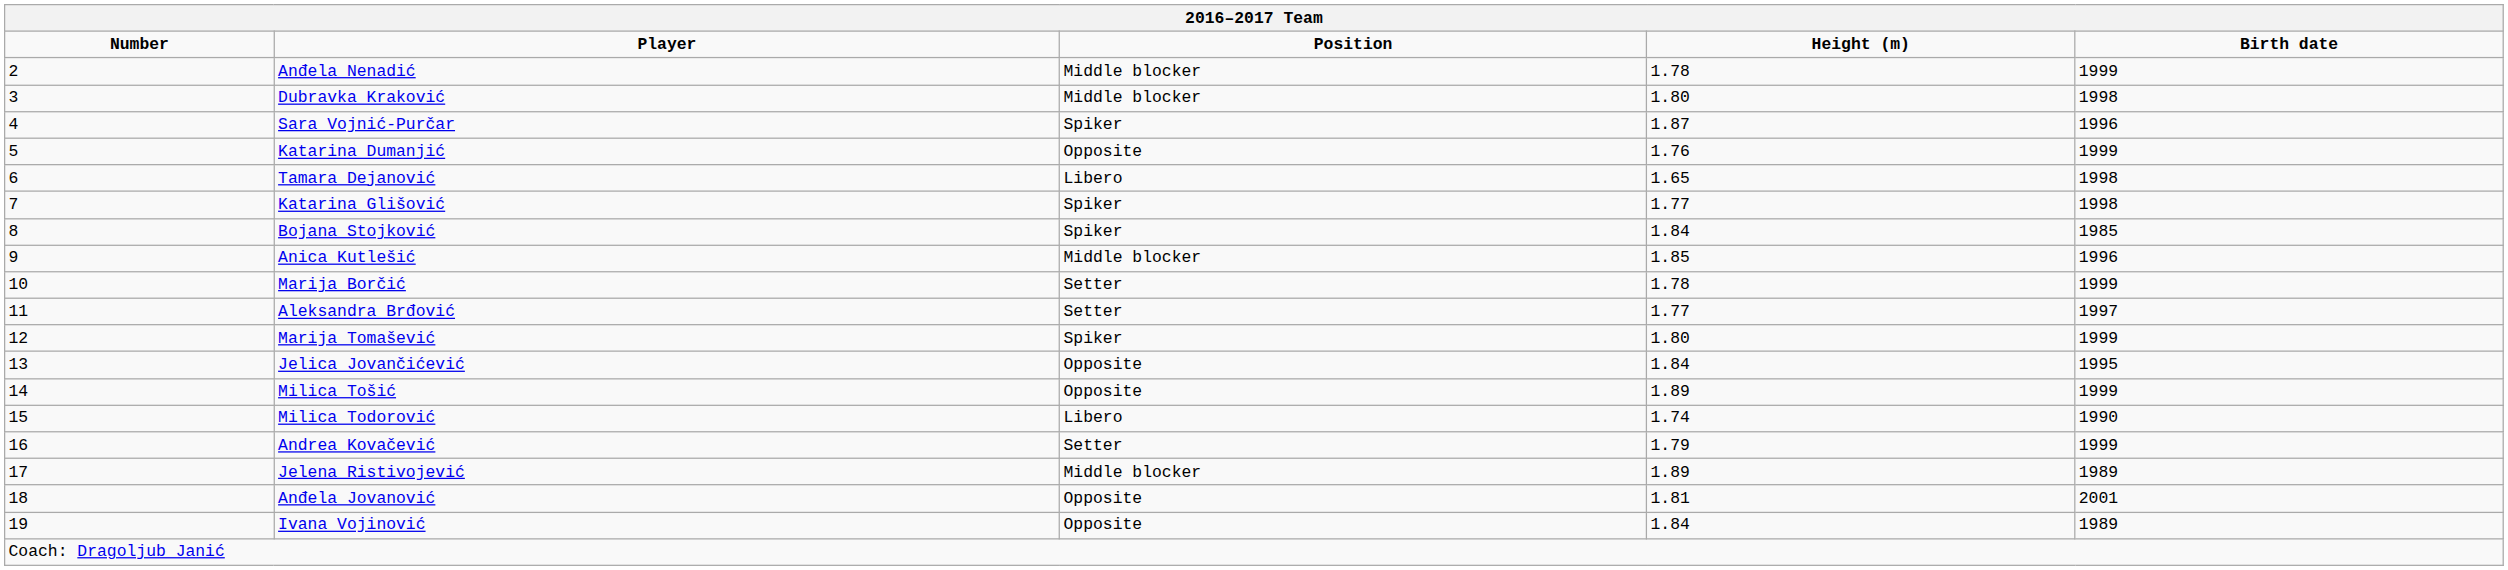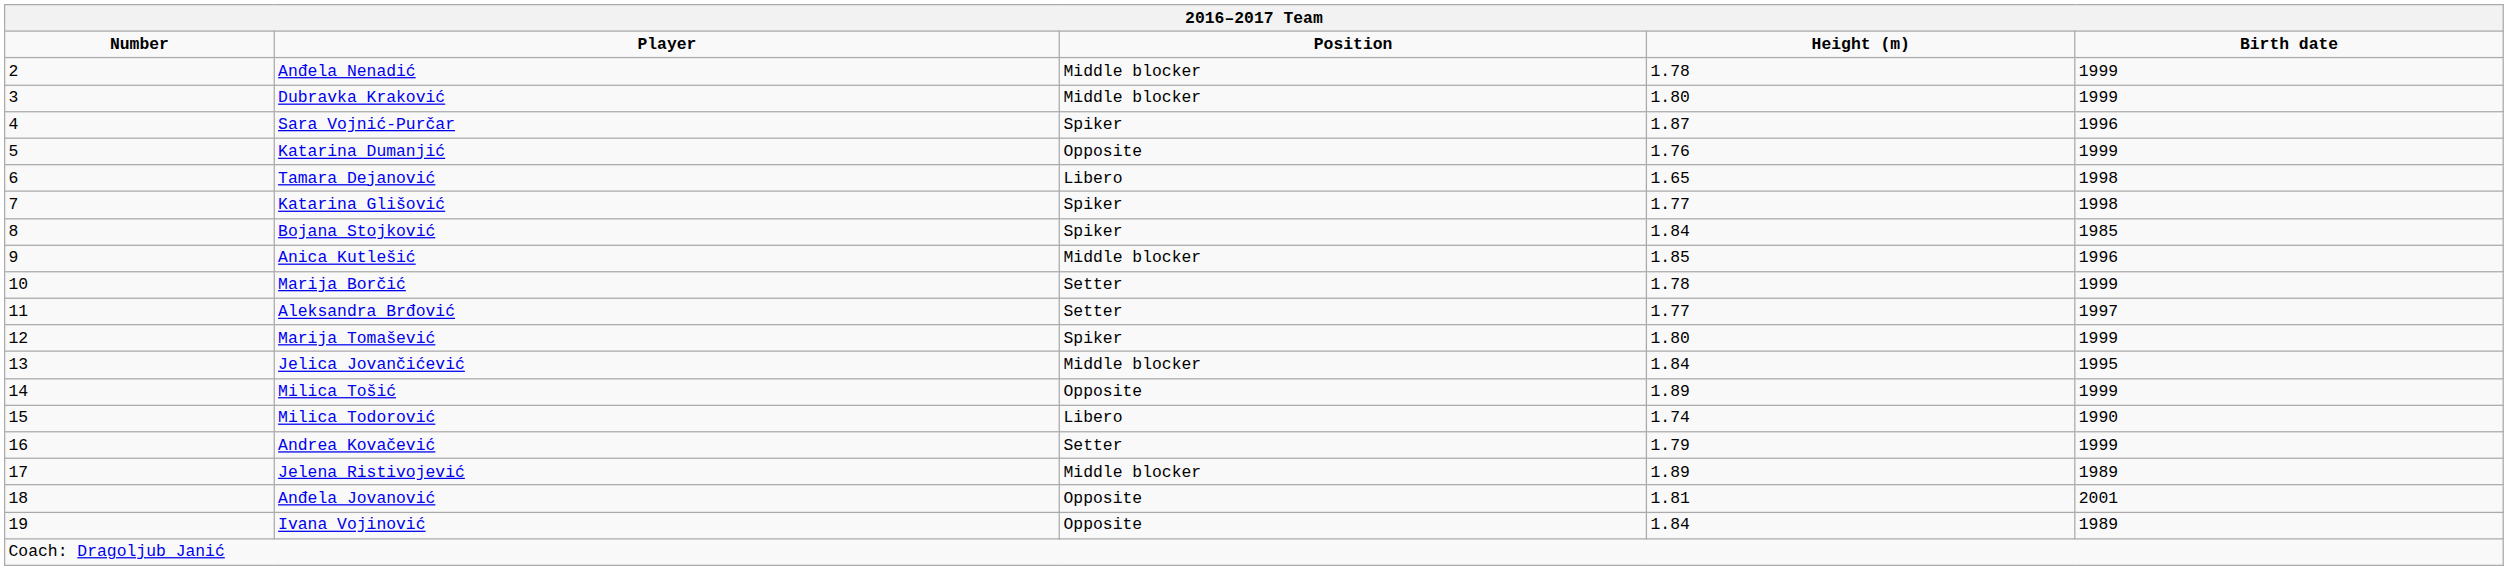 <table class="wikitable collapsible collapsed" style="width:100%;">
 <tr>
 <th colspan=5><strong>2016–2017 Team</strong></th>
 </tr>
 <tr>
 <td align=center><strong>Number</strong></td>
 <td align=center><strong>Player</strong></td>
 <td align=center><strong>Position</strong></td>
 <td align=center><strong>Height (m)</strong></td>
 <td align=center><strong>Birth date</strong></td>
 </tr>
 <tr align=left>
 <td>2</td>
 <td> <a href='#'>Anđela Nenadić</a></td>
 <td>Middle blocker</td>
 <td>1.78</td>
 <td>1999</td>
 </tr>
 <tr align="left">
 <td>3</td>
 <td> <a href='#'>Dubravka Kraković</a></td>
 <td>Middle blocker</td>
 <td>1.80</td>
-<td>1998</td>
+<td>1999</td>
 </tr>
 <tr align="left">
 <td>4</td>
 <td> <a href='#'>Sara Vojnić-Purčar</a></td>
 <td>Spiker</td>
 <td>1.87</td>
 <td>1996</td>
 </tr>
 <tr align="left">
 <td>5</td>
 <td> <a href='#'>Katarina Dumanjić</a></td>
 <td>Opposite</td>
 <td>1.76</td>
 <td>1999</td>
 </tr>
 <tr align="left">
 <td>6</td>
 <td> <a href='#'>Tamara Dejanović</a></td>
 <td>Libero</td>
 <td>1.65</td>
 <td>1998</td>
 </tr>
 <tr align="left">
 <td>7</td>
 <td> <a href='#'>Katarina Glišović</a></td>
 <td>Spiker</td>
 <td>1.77</td>
 <td>1998</td>
 </tr>
 <tr align="left">
 <td>8</td>
 <td> <a href='#'>Bojana Stojković</a></td>
 <td>Spiker</td>
 <td>1.84</td>
 <td>1985</td>
 </tr>
 <tr align="left">
 <td>9</td>
 <td> <a href='#'>Anica Kutlešić</a></td>
 <td>Middle blocker</td>
 <td>1.85</td>
 <td>1996</td>
 </tr>
 <tr align="lef">
 <td>10</td>
 <td> <a href='#'>Marija Borčić</a></td>
 <td>Setter</td>
 <td>1.78</td>
 <td>1999</td>
 </tr>
 <tr align="lef">
 <td>11</td>
 <td> <a href='#'>Aleksandra Brđović</a></td>
 <td>Setter</td>
 <td>1.77</td>
 <td>1997</td>
 </tr>
 <tr align="lef">
 <td>12</td>
 <td> <a href='#'>Marija Tomašević</a></td>
 <td>Spiker</td>
 <td>1.80</td>
 <td>1999</td>
 </tr>
 <tr align="lef">
 <td>13</td>
 <td> <a href='#'>Jelica Jovančićević</a></td>
-<td>Opposite</td>
+<td>Middle blocker</td>
 <td>1.84</td>
 <td>1995</td>
 </tr>
 <tr align="lef">
 <td>14</td>
 <td> <a href='#'>Milica Tošić</a></td>
 <td>Opposite</td>
 <td>1.89</td>
 <td>1999</td>
 </tr>
 <tr align="lef">
 <td>15</td>
 <td> <a href='#'>Milica Todorović</a></td>
 <td>Libero</td>
 <td>1.74</td>
 <td>1990</td>
 </tr>
 <tr align="lef">
 <td>16</td>
 <td> <a href='#'>Andrea Kovačević</a></td>
 <td>Setter</td>
 <td>1.79</td>
 <td>1999</td>
 </tr>
 <tr align="lef">
 <td>17</td>
 <td> <a href='#'>Jelena Ristivojević</a></td>
 <td>Middle blocker</td>
 <td>1.89</td>
 <td>1989</td>
 </tr>
 <tr align="lef">
 <td>18</td>
 <td> <a href='#'>Anđela Jovanović</a></td>
 <td>Opposite</td>
 <td>1.81</td>
 <td>2001</td>
 </tr>
 <tr align="lef">
 <td>19</td>
 <td> <a href='#'>Ivana Vojinović</a></td>
 <td>Opposite</td>
 <td>1.84</td>
 <td>1989</td>
 </tr>
 <tr align="lef">
 <td colspan=6>Coach:  <a href='#'>Dragoljub Janić</a></td>
 </tr>
 </table>
